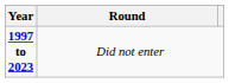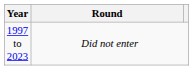 <table class="wikitable" style="text-align: center; font-size:90%">
 <tr>
 <th>Year</th>
 <th style="width:200px">Round</th>
 <th></th>
 </tr>
 <tr>
-<td><strong><a href='#'>1997</a><br>to<br><a href='#'>2023</a></strong></td>
+<td><a href='#'>1997</a><br>to<br><a href='#'>2023</a></td>
 <td colspan="2"><em>Did not enter</em></td>
 </tr>
 </table>
